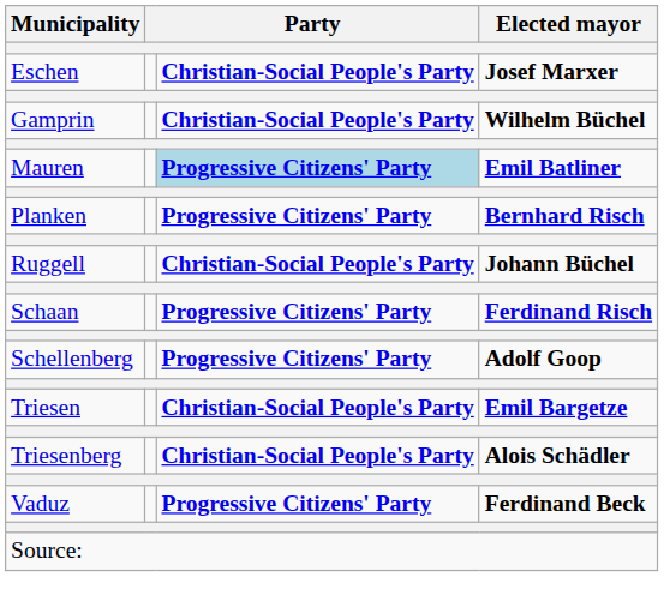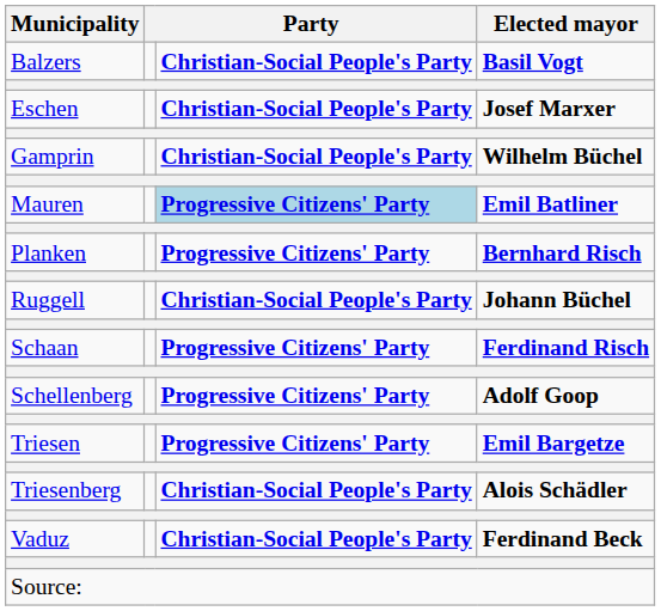 <table class="wikitable" style="text-align:right">
 <tr>
 <th>Municipality</th>
 <th colspan="2">Party</th>
 <th>Elected mayor</th>
+</tr>
+<tr>
+<td align="left"><a href='#'>Balzers</a></td>
+<td style="color:inherit;background:"></td>
+<td align="left"><a href='#'><strong>Christian-Social People's Party</strong></a></td>
+<td align="left"><strong><a href='#'>Basil Vogt</a></strong></td>
 </tr>
 <tr>
 <th colspan="4"></th>
 </tr>
 <tr>
 <td align="left"><a href='#'>Eschen</a></td>
 <td style="color:inherit;background:"></td>
 <td align="left"><a href='#'><strong>Christian-Social People's Party</strong></a></td>
 <td align="left"><strong>Josef Marxer</strong></td>
 </tr>
 <tr>
 <th colspan="4"></th>
 </tr>
 <tr>
 <td align="left"><a href='#'>Gamprin</a></td>
 <td style="color:inherit;background:"></td>
 <td align="left"><a href='#'><strong>Christian-Social People's Party</strong></a></td>
 <td align="left"><strong>Wilhelm Büchel</strong></td>
 </tr>
 <tr>
 <th colspan="4"></th>
 </tr>
 <tr>
 <td align="left"><a href='#'>Mauren</a></td>
 <td style="color:inherit;background:"></td>
 <td align="left" style="background: lightblue;"><strong><a href='#'>Progressive Citizens' Party</a></strong></td>
 <td align="left"><strong><a href='#'>Emil Batliner</a></strong></td>
 </tr>
 <tr>
 <th colspan="4"></th>
 </tr>
 <tr>
 <td align="left"><a href='#'>Planken</a></td>
 <td style="color:inherit;background:"></td>
 <td align="left"><strong><a href='#'>Progressive Citizens' Party</a></strong></td>
 <td align="left"><strong><a href='#'>Bernhard Risch</a></strong></td>
 </tr>
 <tr>
 <th colspan="4"></th>
 </tr>
 <tr>
 <td align="left"><a href='#'>Ruggell</a></td>
 <td style="color:inherit;background:"></td>
 <td align="left"><a href='#'><strong>Christian-Social People's Party</strong></a></td>
 <td align="left"><strong>Johann Büchel</strong></td>
 </tr>
 <tr>
 <th colspan="4"></th>
 </tr>
 <tr>
 <td align="left"><a href='#'>Schaan</a></td>
 <td style="color:inherit;background:"></td>
 <td align="left"><strong><a href='#'>Progressive Citizens' Party</a></strong></td>
 <td align="left"><strong><a href='#'>Ferdinand Risch</a></strong></td>
 </tr>
 <tr>
 <th colspan="4"></th>
 </tr>
 <tr>
 <td align="left"><a href='#'>Schellenberg</a></td>
 <td style="color:inherit;background:"></td>
 <td align="left"><strong><a href='#'>Progressive Citizens' Party</a></strong></td>
 <td align="left"><strong>Adolf Goop</strong></td>
 </tr>
 <tr>
 <th colspan="4"></th>
 </tr>
 <tr>
 <td align="left"><a href='#'>Triesen</a></td>
 <td style="color:inherit;background:"></td>
-<td align="left"><a href='#'><strong>Christian-Social People's Party</strong></a></td>
+<td align="left"><strong><a href='#'>Progressive Citizens' Party</a></strong></td>
 <td align="left"><strong><a href='#'>Emil Bargetze</a></strong></td>
 </tr>
 <tr>
 <th colspan="4"></th>
 </tr>
 <tr>
 <td align="left"><a href='#'>Triesenberg</a></td>
 <td style="color:inherit;background:"></td>
 <td align="left"><a href='#'><strong>Christian-Social People's Party</strong></a></td>
 <td align="left"><strong>Alois Schädler</strong></td>
 </tr>
 <tr>
 <th colspan="4"></th>
 </tr>
 <tr>
 <td align="left"><a href='#'>Vaduz</a></td>
 <td style="color:inherit;background:"></td>
-<td align="left"><strong><a href='#'>Progressive Citizens' Party</a></strong></td>
+<td align="left"><a href='#'><strong>Christian-Social People's Party</strong></a></td>
 <td align="left"><strong>Ferdinand Beck</strong></td>
 </tr>
 <tr>
 <th colspan="4"></th>
 </tr>
 <tr>
 <td colspan="4" align="left">Source: </td>
 </tr>
 </table>
